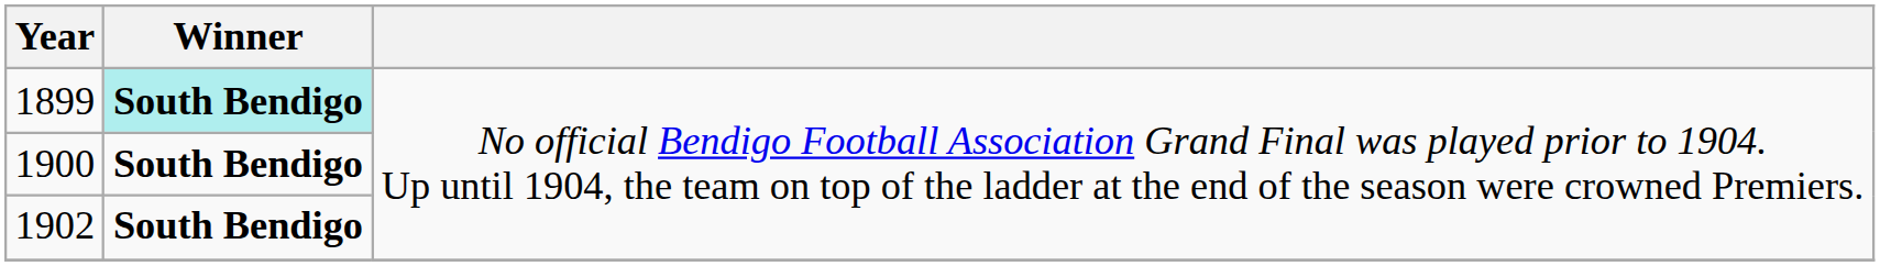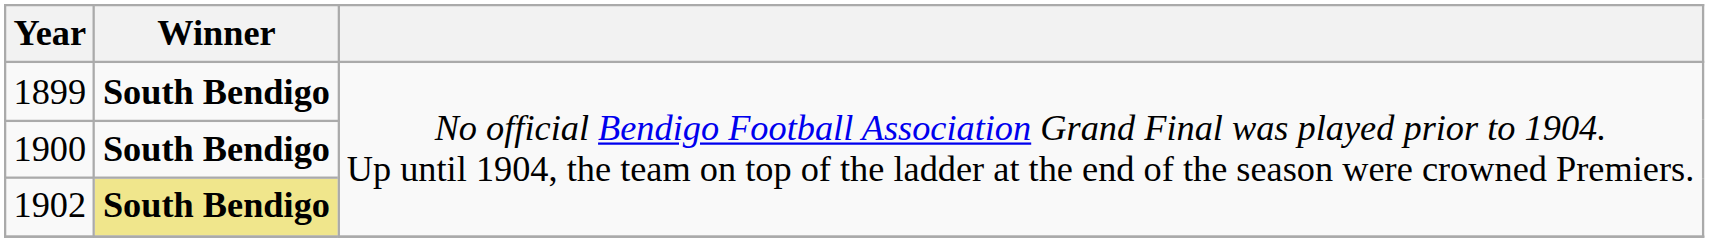 <table class="wikitable">
 <tr>
 <th>Year</th>
 <th>Winner</th>
 <th></th>
 </tr>
 <tr>
 <td>1899</td>
-<td style="background: paleturquoise;"><strong>South Bendigo</strong></td>
+<td><strong>South Bendigo</strong></td>
 <td rowspan=3 align=center><em>No official <a href='#'>Bendigo Football Association</a> Grand Final was played prior to 1904.<br></em>Up until 1904, the team on top of the ladder at the end of the season were crowned Premiers.<em></td>
 </tr>
 <tr>
 <td>1900</td>
 <td><strong>South Bendigo</strong></td>
 </tr>
 <tr>
 <td>1902</td>
-<td><strong>South Bendigo</strong></td>
+<td style="background: khaki;"><strong>South Bendigo</strong></td>
 </tr>
 <tr>
 </tr>
 </table>
